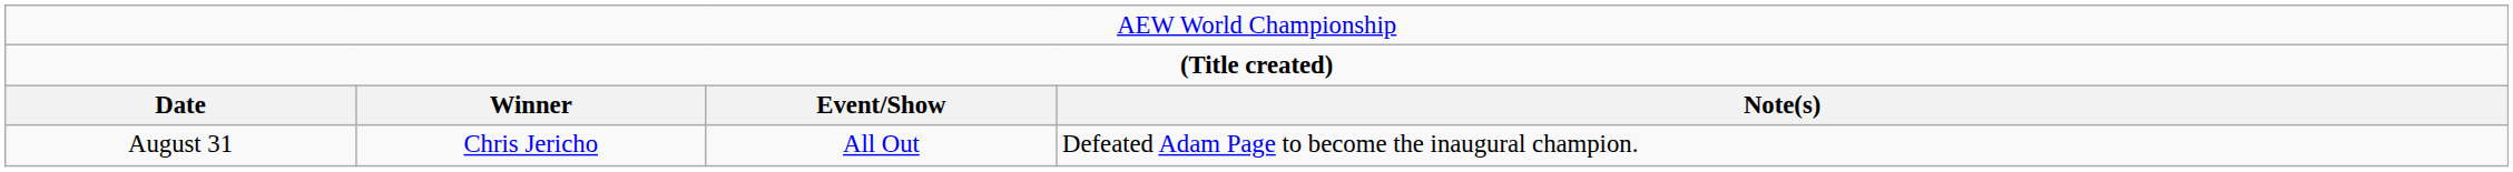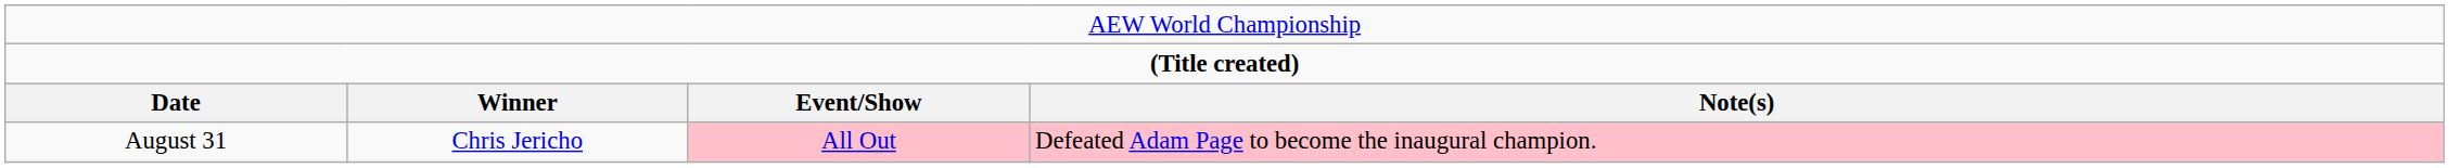 <table class="wikitable" style="text-align:center; width:100%;">
 <tr>
 <td colspan="4" style="text-align: center;"><a href='#'>AEW World Championship</a></td>
 </tr>
 <tr>
 <td colspan="4" style="text-align: center;"><strong>(Title created)</strong></td>
 </tr>
 <tr>
 <th width=14%>Date</th>
 <th width=14%>Winner</th>
 <th width=14%>Event/Show</th>
 <th width=58%>Note(s)</th>
 </tr>
 <tr>
 <td>August 31</td>
 <td><a href='#'>Chris Jericho</a></td>
-<td><a href='#'>All Out</a></td>
-<td align=left>Defeated <a href='#'>Adam Page</a> to become the inaugural champion.</td>
+<td style="background: pink;"><a href='#'>All Out</a></td>
+<td align=left style="background: pink;">Defeated <a href='#'>Adam Page</a> to become the inaugural champion.</td>
 </tr>
 </table>
